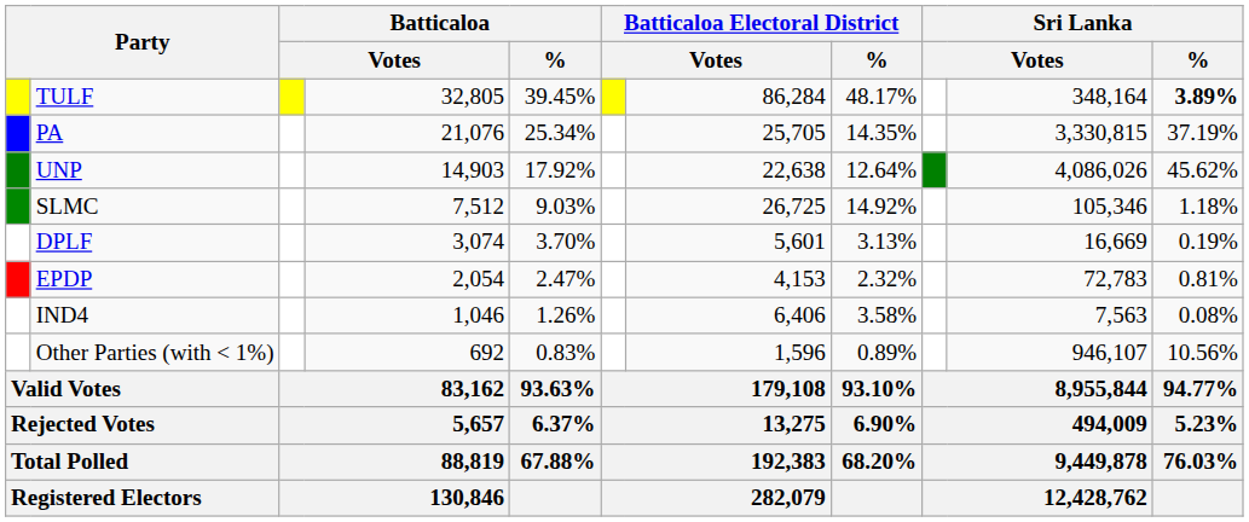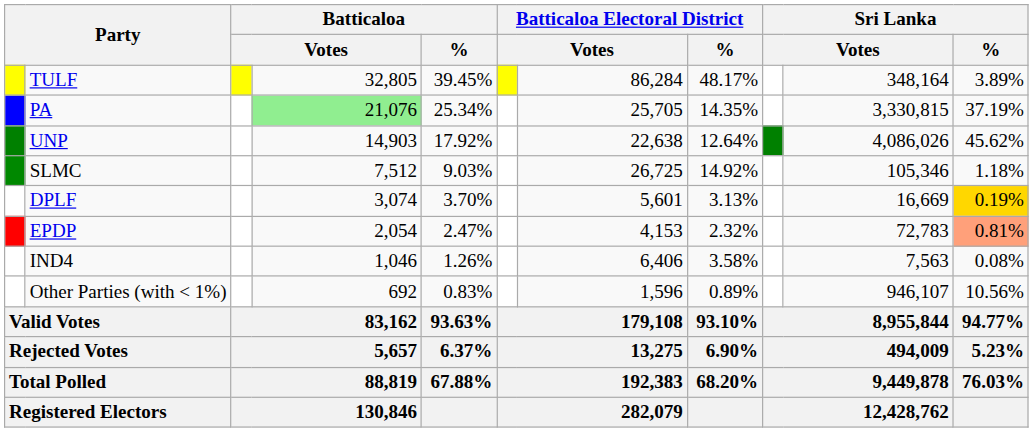 <table class="wikitable">
 <tr>
 <th colspan="2" width="144px"rowspan="2">Party</th>
 <th colspan="3" width="216px">Batticaloa</th>
 <th colspan="3" width="216px"><a href='#'>Batticaloa Electoral District</a></th>
 <th colspan="3" width="216px">Sri Lanka</th>
 </tr>
 <tr>
 <th colspan="2" width="144px">Votes</th>
 <th>%</th>
 <th colspan="2" width="144px">Votes</th>
 <th>%</th>
 <th colspan="2" width="144px">Votes</th>
 <th>%</th>
 </tr>
 <tr>
 <td style="background-color:yellow;" width="10px"></td>
 <td style="text-align:left;"><a href='#'>TULF</a></td>
 <td style="background-color:yellow;" width="10px"></td>
 <td style="text-align:right;">32,805</td>
 <td style="text-align:right;">39.45%</td>
 <td style="background-color:yellow;" width="10px"></td>
 <td style="text-align:right;">86,284</td>
 <td style="text-align:right;">48.17%</td>
 <td style="background-color:white;" width="10px"></td>
 <td style="text-align:right;">348,164</td>
-<td style="text-align:right;"><strong>3.89%</strong></td>
+<td style="text-align:right;">3.89%</td>
 </tr>
 <tr>
 <td style="background-color:blue;" width="10px"></td>
 <td style="text-align:left;"><a href='#'>PA</a></td>
 <td style="background-color:white;" width="10px"></td>
-<td style="text-align:right;">21,076</td>
+<td style="background: lightgreen; text-align:right;">21,076</td>
 <td style="text-align:right;">25.34%</td>
 <td style="background-color:white;" width="10px"></td>
 <td style="text-align:right;">25,705</td>
 <td style="text-align:right;">14.35%</td>
 <td style="background-color:white;" width="10px"></td>
 <td style="text-align:right;">3,330,815</td>
 <td style="text-align:right;">37.19%</td>
 </tr>
 <tr>
 <td style="background-color:green;" width="10px"></td>
 <td style="text-align:left;"><a href='#'>UNP</a></td>
 <td style="background-color:white;" width="10px"></td>
 <td style="text-align:right;">14,903</td>
 <td style="text-align:right;">17.92%</td>
 <td style="background-color:white;" width="10px"></td>
 <td style="text-align:right;">22,638</td>
 <td style="text-align:right;">12.64%</td>
 <td style="background-color:green;" width="10px"></td>
 <td style="text-align:right;">4,086,026</td>
 <td style="text-align:right;">45.62%</td>
 </tr>
 <tr>
 <td style="background-color:#008800;" width="10px"></td>
 <td style="text-align:left;">SLMC</td>
 <td style="background-color:white;" width="10px"></td>
 <td style="text-align:right;">7,512</td>
 <td style="text-align:right;">9.03%</td>
 <td style="background-color:white;" width="10px"></td>
 <td style="text-align:right;">26,725</td>
 <td style="text-align:right;">14.92%</td>
 <td style="background-color:white;" width="10px"></td>
 <td style="text-align:right;">105,346</td>
 <td style="text-align:right;">1.18%</td>
 </tr>
 <tr>
 <td style="background-color:white;" width="10px"></td>
 <td style="text-align:left;"><a href='#'>DPLF</a></td>
 <td style="background-color:white;" width="10px"></td>
 <td style="text-align:right;">3,074</td>
 <td style="text-align:right;">3.70%</td>
 <td style="background-color:white;" width="10px"></td>
 <td style="text-align:right;">5,601</td>
 <td style="text-align:right;">3.13%</td>
 <td style="background-color:white;" width="10px"></td>
 <td style="text-align:right;">16,669</td>
-<td style="text-align:right;">0.19%</td>
+<td style="background: gold; text-align:right;">0.19%</td>
 </tr>
 <tr>
 <td style="background-color:red;" width="10px"></td>
 <td style="text-align:left;"><a href='#'>EPDP</a></td>
 <td style="background-color:white;" width="10px"></td>
 <td style="text-align:right;">2,054</td>
 <td style="text-align:right;">2.47%</td>
 <td style="background-color:white;" width="10px"></td>
 <td style="text-align:right;">4,153</td>
 <td style="text-align:right;">2.32%</td>
 <td style="background-color:white;" width="10px"></td>
 <td style="text-align:right;">72,783</td>
-<td style="text-align:right;">0.81%</td>
+<td style="background: lightsalmon; text-align:right;">0.81%</td>
 </tr>
 <tr>
 <td style="background-color:white;" width="10px"></td>
 <td style="text-align:left;">IND4</td>
 <td style="background-color:white;" width="10px"></td>
 <td style="text-align:right;">1,046</td>
 <td style="text-align:right;">1.26%</td>
 <td style="background-color:white;" width="10px"></td>
 <td style="text-align:right;">6,406</td>
 <td style="text-align:right;">3.58%</td>
 <td style="background-color:white;" width="10px"></td>
 <td style="text-align:right;">7,563</td>
 <td style="text-align:right;">0.08%</td>
 </tr>
 <tr>
 <td style="background-color:white;" width="10px"></td>
 <td style="text-align:left;">Other Parties (with < 1%)</td>
 <td style="background-color:white;" width="10px"></td>
 <td style="text-align:right;">692</td>
 <td style="text-align:right;">0.83%</td>
 <td style="background-color:white;" width="10px"></td>
 <td style="text-align:right;">1,596</td>
 <td style="text-align:right;">0.89%</td>
 <td style="background-color:white;" width="10px"></td>
 <td style="text-align:right;">946,107</td>
 <td style="text-align:right;">10.56%</td>
 </tr>
 <tr>
 <th colspan="2" width="144px"style="text-align:left;">Valid Votes</th>
 <th style="text-align:right;"colspan="2" width="144px">83,162</th>
 <th style="text-align:right;">93.63%</th>
 <th style="text-align:right;"colspan="2" width="144px">179,108</th>
 <th style="text-align:right;">93.10%</th>
 <th style="text-align:right;"colspan="2" width="144px">8,955,844</th>
 <th style="text-align:right;">94.77%</th>
 </tr>
 <tr>
 <th colspan="2" width="144px"style="text-align:left;">Rejected Votes</th>
 <th style="text-align:right;"colspan="2" width="144px">5,657</th>
 <th style="text-align:right;">6.37%</th>
 <th style="text-align:right;"colspan="2" width="144px">13,275</th>
 <th style="text-align:right;">6.90%</th>
 <th style="text-align:right;"colspan="2" width="144px">494,009</th>
 <th style="text-align:right;">5.23%</th>
 </tr>
 <tr>
 <th colspan="2" width="144px"style="text-align:left;">Total Polled</th>
 <th style="text-align:right;"colspan="2" width="144px">88,819</th>
 <th style="text-align:right;">67.88%</th>
 <th style="text-align:right;"colspan="2" width="144px">192,383</th>
 <th style="text-align:right;">68.20%</th>
 <th style="text-align:right;"colspan="2" width="144px">9,449,878</th>
 <th style="text-align:right;">76.03%</th>
 </tr>
 <tr>
 <th colspan="2" width="144px"style="text-align:left;">Registered Electors</th>
 <th style="text-align:right;"colspan="2" width="144px">130,846</th>
 <th></th>
 <th style="text-align:right;"colspan="2" width="144px">282,079</th>
 <th></th>
 <th style="text-align:right;"colspan="2" width="144px">12,428,762</th>
 <th></th>
 </tr>
 </table>
